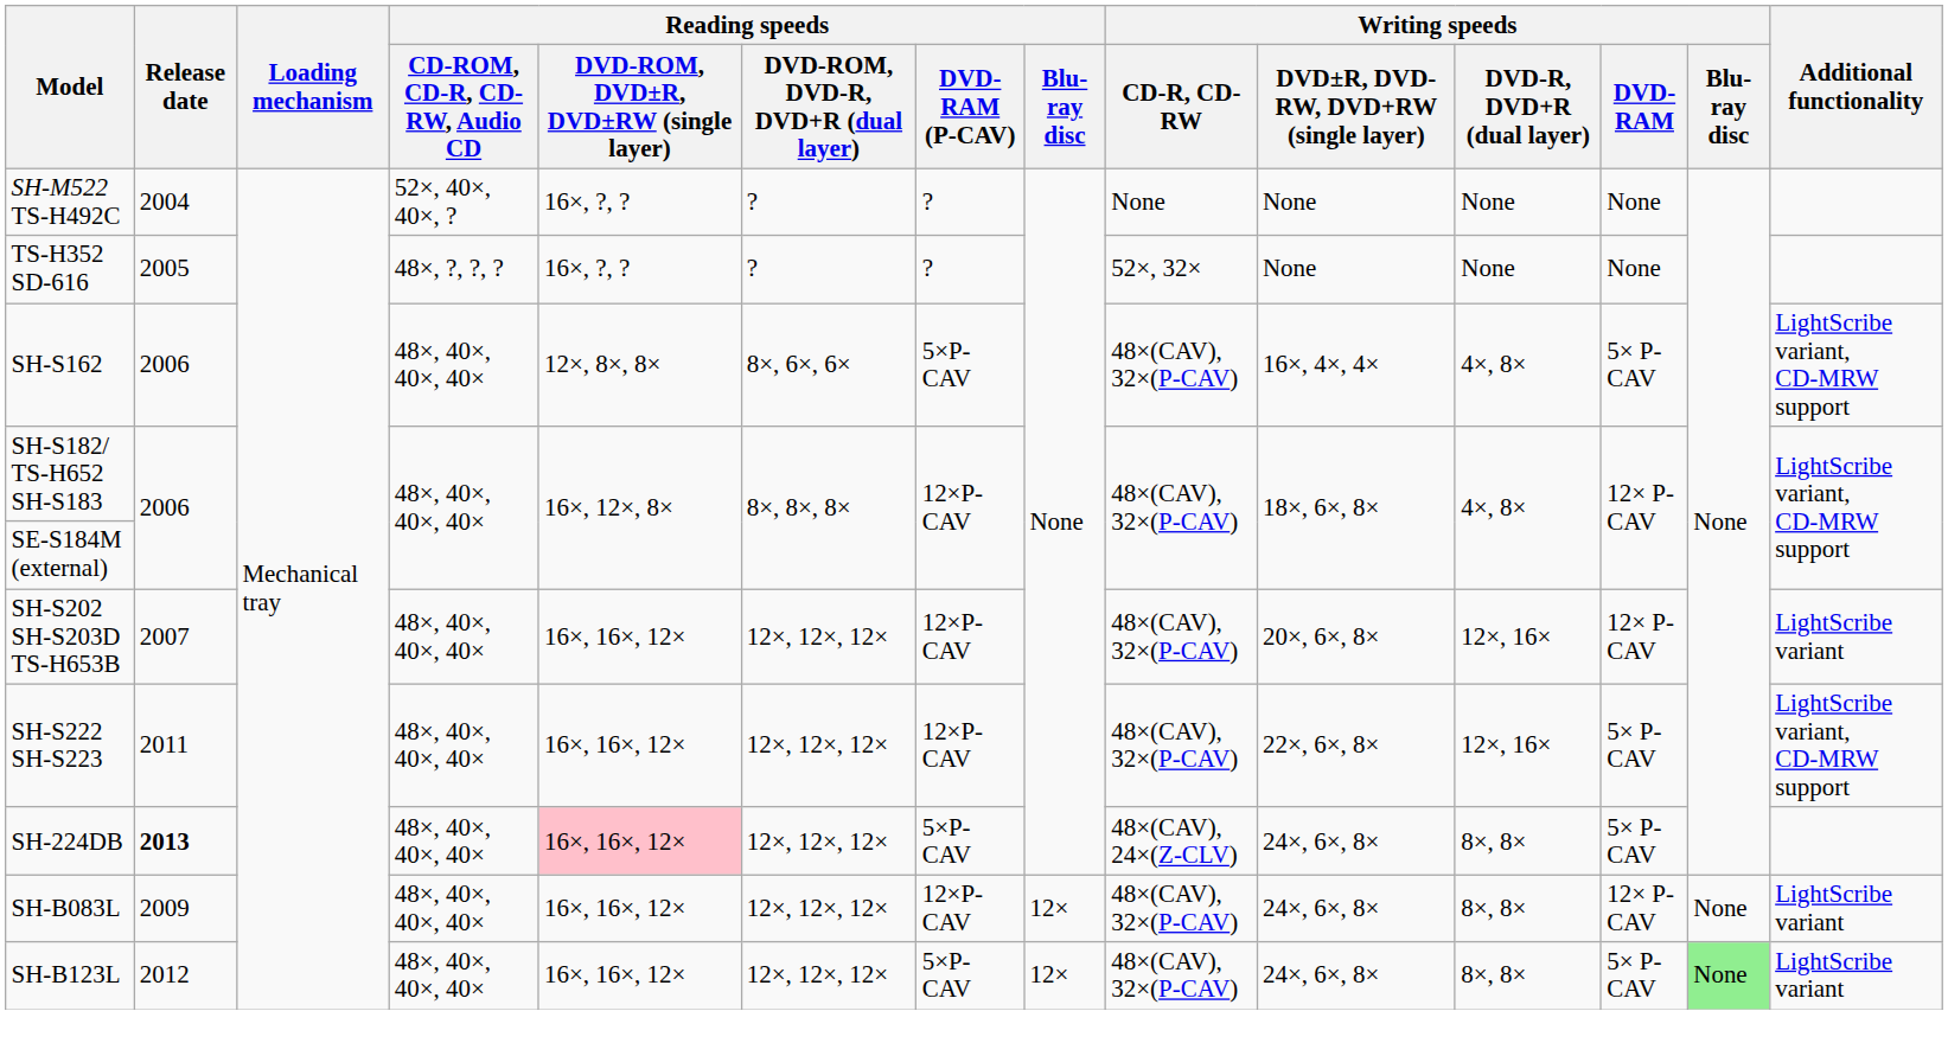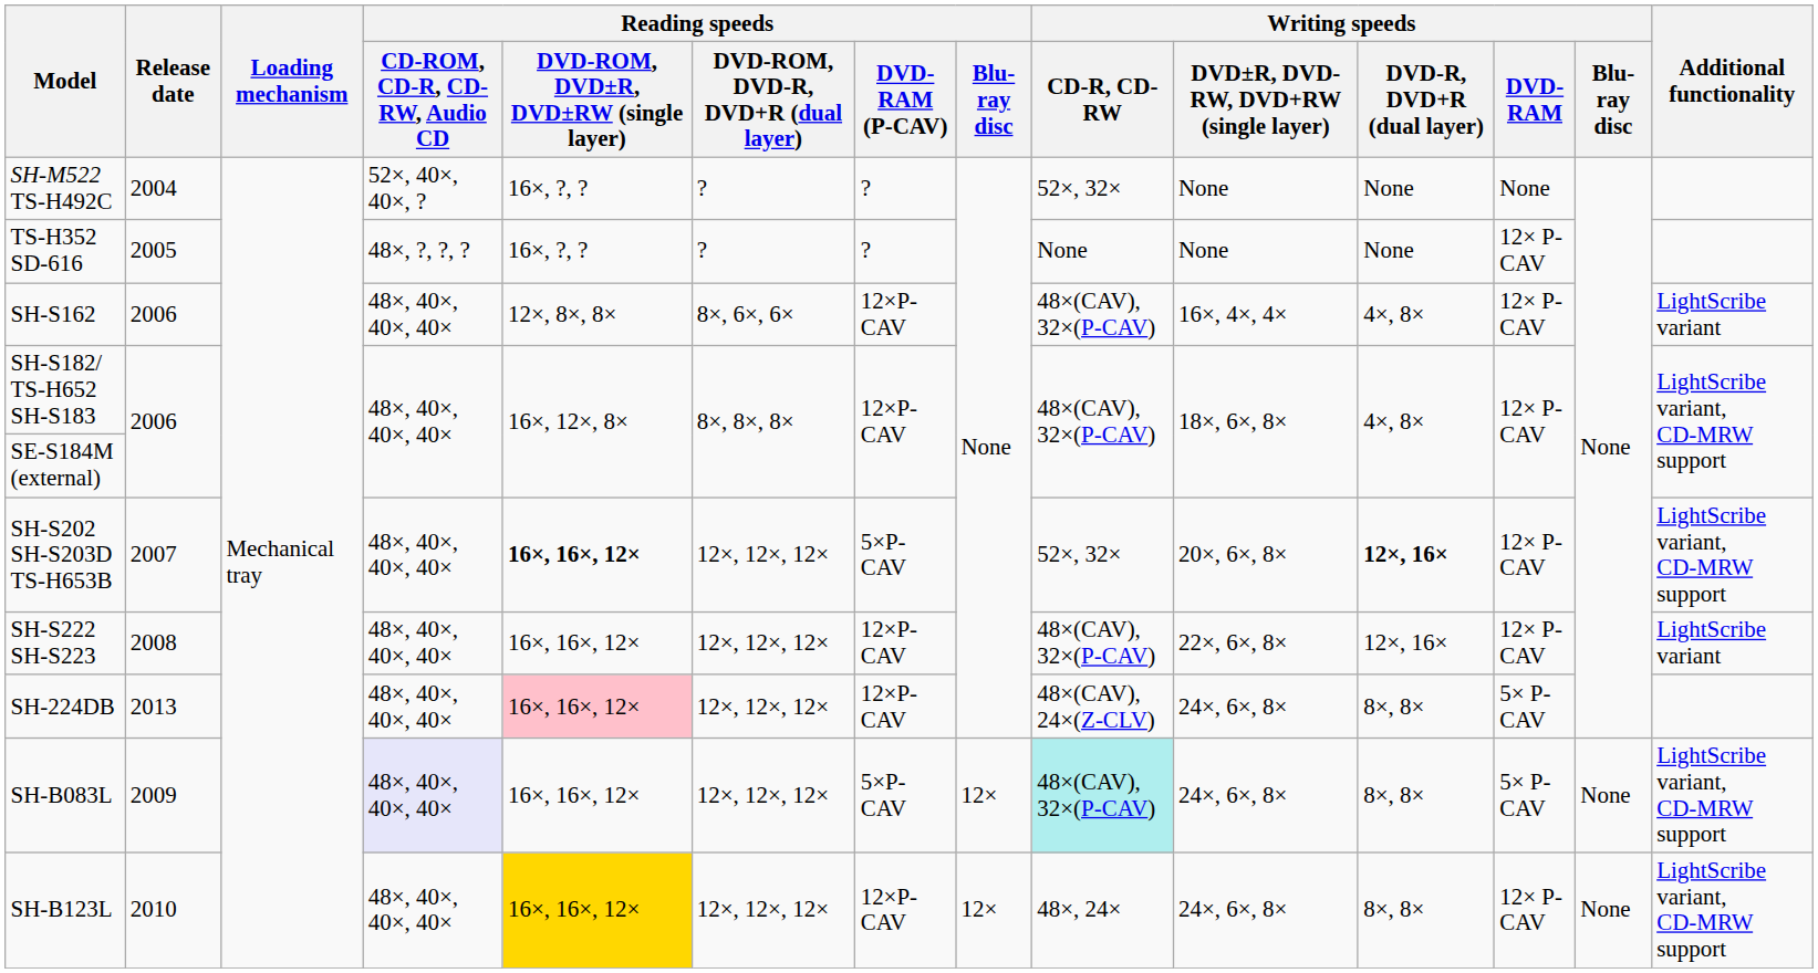 <table class="wikitable sortable">
 <tr>
 <th rowspan="2">Model</th>
 <th rowspan="2">Release date</th>
 <th rowspan="2"><a href='#'>Loading mechanism</a></th>
 <th colspan="5">Reading speeds</th>
 <th colspan="5">Writing speeds</th>
 <th rowspan="2">Additional functionality</th>
 </tr>
 <tr>
 <th><a href='#'>CD-ROM</a>, <a href='#'>CD-R</a>, <a href='#'>CD-RW</a>, <a href='#'>Audio CD</a></th>
 <th><a href='#'>DVD-ROM</a>, <a href='#'>DVD±R</a>, <a href='#'>DVD±RW</a> (single layer)</th>
 <th>DVD-ROM, DVD-R, DVD+R (<a href='#'>dual layer</a>)</th>
 <th><a href='#'>DVD-RAM</a> (P-CAV)</th>
 <th><a href='#'>Blu-ray disc</a></th>
 <th>CD-R, CD-RW</th>
 <th>DVD±R, DVD-RW, DVD+RW (single layer)</th>
 <th>DVD-R, DVD+R (dual layer)</th>
 <th><a href='#'>DVD-RAM</a></th>
 <th>Blu-ray disc</th>
 </tr>
 <tr>
 <td><em>SH-M522</em><br>TS-H492C</td>
 <td>2004</td>
 <td rowspan="10">Mechanical tray</td>
 <td>52×, 40×, 40×, ?</td>
 <td>16×, ?, ?</td>
 <td>?</td>
 <td>?</td>
 <td rowspan="8">None</td>
-<td>None</td>
+<td>52×, 32×</td>
 <td>None</td>
 <td>None</td>
 <td>None</td>
 <td rowspan="8">None</td>
 <td></td>
 </tr>
 <tr>
 <td>TS-H352<br>SD-616</td>
 <td>2005</td>
 <td>48×, ?, ?, ?</td>
 <td>16×, ?, ?</td>
 <td>?</td>
 <td>?</td>
-<td>52×, 32×</td>
 <td>None</td>
 <td>None</td>
 <td>None</td>
+<td>12× P-CAV</td>
 <td></td>
 </tr>
 <tr>
 <td>SH-S162</td>
 <td>2006</td>
 <td>48×, 40×, 40×, 40×</td>
 <td>12×, 8×, 8×</td>
 <td>8×, 6×, 6×</td>
-<td>5×P-CAV</td>
+<td>12×P-CAV</td>
 <td>48×(CAV), 32×(<a href='#'>P-CAV</a>)</td>
 <td>16×, 4×, 4×</td>
 <td>4×, 8×</td>
-<td>5× P-CAV</td>
-<td><a href='#'>LightScribe</a> variant,<br><a href='#'>CD-MRW</a> support</td>
+<td>12× P-CAV</td>
+<td><a href='#'>LightScribe</a> variant</td>
 </tr>
 <tr>
 <td>SH-S182/<br>TS-H652 SH-S183</td>
 <td rowspan="2">2006</td>
 <td rowspan="2">48×, 40×, 40×, 40×</td>
 <td rowspan="2">16×, 12×, 8×</td>
 <td rowspan="2">8×, 8×, 8×</td>
 <td rowspan="2">12×P-CAV</td>
 <td rowspan="2">48×(CAV), 32×(<a href='#'>P-CAV</a>)</td>
 <td rowspan="2">18×, 6×, 8×</td>
 <td rowspan="2">4×, 8×</td>
 <td rowspan="2">12× P-CAV</td>
 <td rowspan="2"><a href='#'>LightScribe</a> variant,<br><a href='#'>CD-MRW</a> support</td>
 </tr>
 <tr>
 <td>SE-S184M<br>(external)</td>
 </tr>
 <tr>
 <td>SH-S202<br>SH-S203D<br>TS-H653B</td>
 <td>2007</td>
 <td>48×, 40×, 40×, 40×</td>
-<td>16×, 16×, 12×</td>
+<td><strong>16×, 16×, 12×</strong></td>
 <td>12×, 12×, 12×</td>
-<td>12×P-CAV</td>
-<td>48×(CAV), 32×(<a href='#'>P-CAV</a>)</td>
+<td>5×P-CAV</td>
+<td>52×, 32×</td>
 <td>20×, 6×, 8×</td>
-<td>12×, 16×</td>
+<td><strong>12×, 16×</strong></td>
 <td>12× P-CAV</td>
-<td><a href='#'>LightScribe</a> variant</td>
+<td><a href='#'>LightScribe</a> variant,<br><a href='#'>CD-MRW</a> support</td>
 </tr>
 <tr>
 <td>SH-S222<br>SH-S223</td>
-<td>2011</td>
+<td>2008</td>
 <td>48×, 40×, 40×, 40×</td>
 <td>16×, 16×, 12×</td>
 <td>12×, 12×, 12×</td>
 <td>12×P-CAV</td>
 <td>48×(CAV), 32×(<a href='#'>P-CAV</a>)</td>
 <td>22×, 6×, 8×</td>
 <td>12×, 16×</td>
-<td>5× P-CAV</td>
-<td><a href='#'>LightScribe</a> variant,<br><a href='#'>CD-MRW</a> support</td>
+<td>12× P-CAV</td>
+<td><a href='#'>LightScribe</a> variant</td>
 </tr>
 <tr>
 <td>SH-224DB</td>
-<td><strong>2013</strong></td>
+<td>2013</td>
 <td>48×, 40×, 40×, 40×</td>
 <td style="background: pink;">16×, 16×, 12×</td>
 <td>12×, 12×, 12×</td>
-<td>5×P-CAV</td>
+<td>12×P-CAV</td>
 <td>48×(CAV), 24×(<a href='#'>Z-CLV</a>)</td>
 <td>24×, 6×, 8×</td>
 <td>8×, 8×</td>
 <td>5× P-CAV</td>
 <td></td>
 </tr>
 <tr>
 <td>SH-B083L</td>
 <td>2009</td>
+<td style="background: lavender;">48×, 40×, 40×, 40×</td>
+<td>16×, 16×, 12×</td>
+<td>12×, 12×, 12×</td>
+<td>5×P-CAV</td>
+<td>12×</td>
+<td style="background: paleturquoise;">48×(CAV), 32×(<a href='#'>P-CAV</a>)</td>
+<td>24×, 6×, 8×</td>
+<td>8×, 8×</td>
+<td>5× P-CAV</td>
+<td>None</td>
+<td><a href='#'>LightScribe</a> variant,<br><a href='#'>CD-MRW</a> support</td>
+</tr>
+<tr>
+<td>SH-B123L</td>
+<td>2010</td>
 <td>48×, 40×, 40×, 40×</td>
-<td>16×, 16×, 12×</td>
+<td style="background: gold;">16×, 16×, 12×</td>
 <td>12×, 12×, 12×</td>
 <td>12×P-CAV</td>
 <td>12×</td>
-<td>48×(CAV), 32×(<a href='#'>P-CAV</a>)</td>
+<td>48×, 24×</td>
 <td>24×, 6×, 8×</td>
 <td>8×, 8×</td>
 <td>12× P-CAV</td>
 <td>None</td>
-<td><a href='#'>LightScribe</a> variant</td>
-</tr>
-<tr>
-<td>SH-B123L</td>
-<td>2012</td>
-<td>48×, 40×, 40×, 40×</td>
-<td>16×, 16×, 12×</td>
-<td>12×, 12×, 12×</td>
-<td>5×P-CAV</td>
-<td>12×</td>
-<td>48×(CAV), 32×(<a href='#'>P-CAV</a>)</td>
-<td>24×, 6×, 8×</td>
-<td>8×, 8×</td>
-<td>5× P-CAV</td>
-<td style="background: lightgreen;">None</td>
-<td><a href='#'>LightScribe</a> variant</td>
+<td><a href='#'>LightScribe</a> variant,<br><a href='#'>CD-MRW</a> support</td>
 </tr>
 </table>
